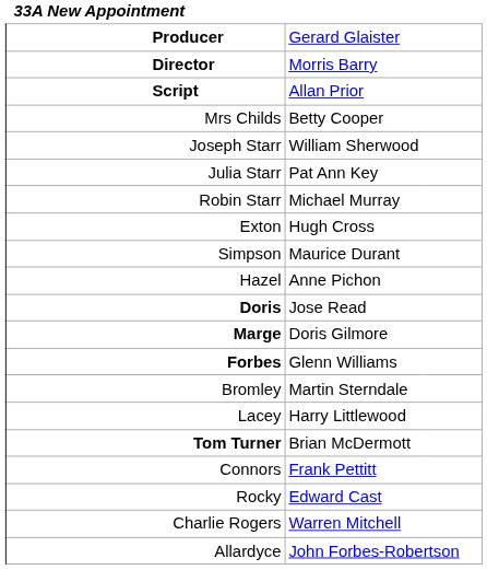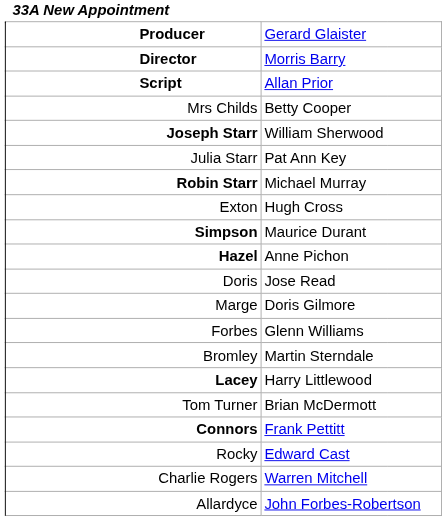 <table class="wikitable mw-collapsible mw-collapsed" style="vertical-align:top;margin:auto 2em;line-height:1.2;min-width:33em;display: inline-table;background-color:inherit;border:none;">
 <tr>
 <td class=unsortable style="border:hidden;line-height:1.67;text-align:center;margin-left:-1em;padding-left:0.5em;min-width:1.0em;"></td>
 <td class=unsortable style="border:none;padding-left:0.5em;text-align:left;min-width:16.5em;font-weight:700;font-style:italic;">33A New Appointment</td>
 <td class=unsortable style="border:none;text-align:right;font-weight:normal;font-family:Courier;font-size:95%;letter-spacing:-1pt;min-width:8.5em;padding-right:0.2em;"></td>
 <td class=unsortable style="border:hidden;min-width:3.5em;padding-left:0;"></td>
 <td class=unsortable style="border:hidden;min-width:3.5em;font-size:95%;"></td>
 </tr>
 <tr>
 <td rowspan=100 style="border:none thin;border-right-style :solid;"></td>
 </tr>
 <tr>
 <td style="text-align:left;padding-left:9.0em;font-weight:bold;">Producer</td>
 <td colspan=2><a href='#'>Gerard Glaister</a></td>
 </tr>
 <tr>
 <td style="text-align:left;padding-left:9.0em;font-weight:bold;">Director</td>
 <td colspan=2><a href='#'>Morris Barry</a></td>
 </tr>
 <tr>
 <td style="text-align:left;padding-left:9.0em;font-weight:bold;">Script</td>
 <td colspan=2><a href='#'>Allan Prior</a></td>
 </tr>
 <tr>
 <td style="text-align:right;">Mrs Childs</td>
 <td colspan=2>Betty Cooper</td>
 </tr>
 <tr>
-<td style="text-align:right;">Joseph Starr</td>
+<td style="text-align:right;"><strong>Joseph Starr</strong></td>
 <td colspan=2>William Sherwood</td>
 </tr>
 <tr>
 <td style="text-align:right;">Julia Starr</td>
 <td colspan=2>Pat Ann Key</td>
 </tr>
 <tr>
-<td style="text-align:right;">Robin Starr</td>
+<td style="text-align:right;"><strong>Robin Starr</strong></td>
 <td colspan=2>Michael Murray</td>
 </tr>
 <tr>
 <td style="text-align:right;">Exton</td>
 <td colspan=2>Hugh Cross</td>
 </tr>
 <tr>
-<td style="text-align:right;">Simpson</td>
+<td style="text-align:right;"><strong>Simpson</strong></td>
 <td colspan=2>Maurice Durant</td>
 </tr>
 <tr>
-<td style="text-align:right;">Hazel</td>
+<td style="text-align:right;"><strong>Hazel</strong></td>
 <td colspan=2>Anne Pichon</td>
 </tr>
 <tr>
-<td style="text-align:right;"><strong>Doris</strong></td>
+<td style="text-align:right;">Doris</td>
 <td colspan=2>Jose Read</td>
 </tr>
 <tr>
-<td style="text-align:right;"><strong>Marge</strong></td>
+<td style="text-align:right;">Marge</td>
 <td colspan=2>Doris Gilmore</td>
 </tr>
 <tr>
-<td style="text-align:right;"><strong>Forbes</strong></td>
+<td style="text-align:right;">Forbes</td>
 <td colspan=2>Glenn Williams</td>
 </tr>
 <tr>
 <td style="text-align:right;">Bromley</td>
 <td colspan=2>Martin Sterndale</td>
 </tr>
 <tr>
-<td style="text-align:right;">Lacey</td>
+<td style="text-align:right;"><strong>Lacey</strong></td>
 <td colspan=2>Harry Littlewood</td>
 </tr>
 <tr>
-<td style="text-align:right;"><strong>Tom Turner</strong></td>
+<td style="text-align:right;">Tom Turner</td>
 <td colspan=2>Brian McDermott</td>
 </tr>
 <tr>
-<td style="text-align:right;">Connors</td>
+<td style="text-align:right;"><strong>Connors</strong></td>
 <td colspan=2><a href='#'>Frank Pettitt</a></td>
 </tr>
 <tr>
 <td style="text-align:right;">Rocky</td>
 <td colspan=2><a href='#'>Edward Cast</a></td>
 </tr>
 <tr>
 <td style="text-align:right;">Charlie Rogers</td>
 <td colspan=2><a href='#'>Warren Mitchell</a></td>
 </tr>
 <tr>
 <td style="text-align:right;">Allardyce</td>
 <td colspan=2><a href='#'>John Forbes-Robertson</a></td>
 </tr>
 </table>
